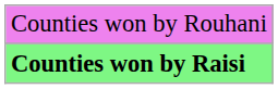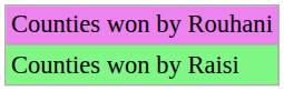 <table class="wikitable">
 <tr style="background:violet;">
 <td>Counties won by Rouhani</td>
 </tr>
 <tr style="background:#7EF784;">
-<td><strong>Counties won by Raisi</strong></td>
+<td>Counties won by Raisi</td>
 </tr>
 </table>
